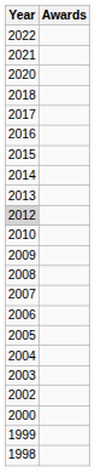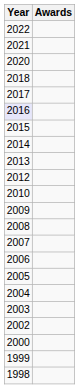 <table class="wikitable">
 <tr>
 <th>Year</th>
 <th>Awards</th>
 </tr>
 <tr>
 <td>2022</td>
 <td><br></td>
 </tr>
 <tr>
 <td>2021</td>
 <td><br></td>
 </tr>
 <tr>
 <td>2020</td>
 <td><br></td>
 </tr>
 <tr>
 <td>2018</td>
 <td><br></td>
 </tr>
 <tr>
 <td>2017</td>
 <td><br></td>
 </tr>
 <tr>
-<td>2016</td>
+<td style="background: lavender;">2016</td>
 <td><br></td>
 </tr>
 <tr>
 <td>2015</td>
 <td><br></td>
 </tr>
 <tr>
 <td>2014</td>
 <td><br></td>
 </tr>
 <tr>
 <td>2013</td>
 <td><br></td>
 </tr>
 <tr>
-<td style="background: lightgrey;">2012</td>
+<td>2012</td>
 <td><br></td>
 </tr>
 <tr>
 <td>2010</td>
 <td><br></td>
 </tr>
 <tr>
 <td>2009</td>
 <td><br></td>
 </tr>
 <tr>
 <td>2008</td>
 <td><br></td>
 </tr>
 <tr>
 <td>2007</td>
 <td><br></td>
 </tr>
 <tr>
 <td>2006</td>
 <td><br></td>
 </tr>
 <tr>
 <td>2005</td>
 <td><br></td>
 </tr>
 <tr>
 <td>2004</td>
 <td><br></td>
 </tr>
 <tr>
 <td>2003</td>
 <td><br></td>
 </tr>
 <tr>
 <td>2002</td>
 <td><br></td>
 </tr>
 <tr>
 <td>2000</td>
 <td><br></td>
 </tr>
 <tr>
 <td>1999</td>
 <td><br></td>
 </tr>
 <tr>
 <td>1998</td>
 <td><br></td>
 </tr>
 </table>
